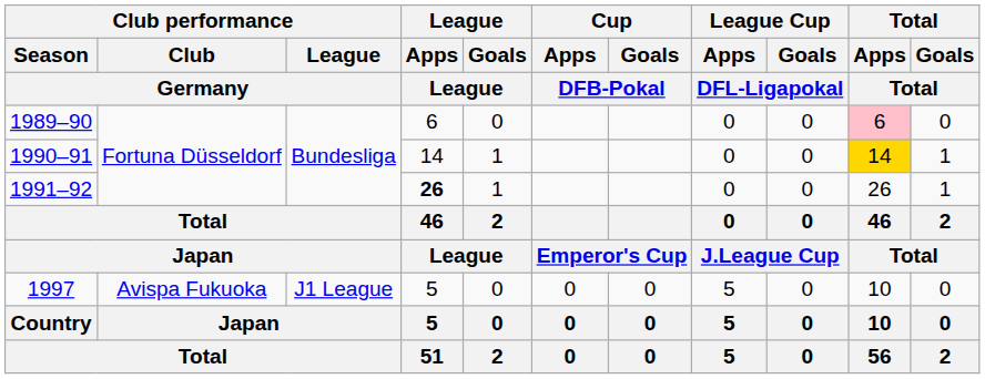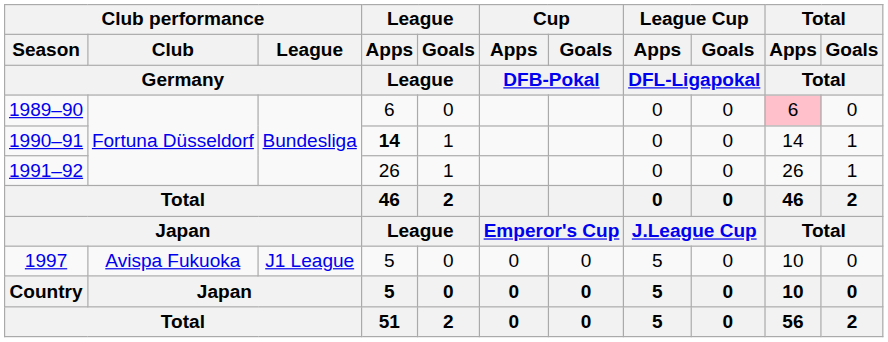 <table class="wikitable" style="text-align:center;">
 <tr>
 <th colspan=3>Club performance</th>
 <th colspan=2>League</th>
 <th colspan=2>Cup</th>
 <th colspan=2>League Cup</th>
 <th colspan=2>Total</th>
 </tr>
 <tr>
 <th>Season</th>
 <th>Club</th>
 <th>League</th>
 <th>Apps</th>
 <th>Goals</th>
 <th>Apps</th>
 <th>Goals</th>
 <th>Apps</th>
 <th>Goals</th>
 <th>Apps</th>
 <th>Goals</th>
 </tr>
 <tr>
 <th colspan=3>Germany</th>
 <th colspan=2>League</th>
 <th colspan=2><a href='#'>DFB-Pokal</a></th>
 <th colspan=2><a href='#'>DFL-Ligapokal</a></th>
 <th colspan=2>Total</th>
 </tr>
 <tr>
 <td><a href='#'>1989–90</a></td>
 <td rowspan=3><a href='#'>Fortuna Düsseldorf</a></td>
 <td rowspan=3><a href='#'>Bundesliga</a></td>
 <td>6</td>
 <td>0</td>
 <td></td>
 <td></td>
 <td>0</td>
 <td>0</td>
 <td style="background: pink;">6</td>
 <td>0</td>
 </tr>
 <tr>
 <td><a href='#'>1990–91</a></td>
-<td>14</td>
+<td><strong>14</strong></td>
 <td>1</td>
 <td></td>
 <td></td>
 <td>0</td>
 <td>0</td>
-<td style="background: gold;">14</td>
+<td>14</td>
 <td>1</td>
 </tr>
 <tr>
 <td><a href='#'>1991–92</a></td>
-<td><strong>26</strong></td>
+<td>26</td>
 <td>1</td>
 <td></td>
 <td></td>
 <td>0</td>
 <td>0</td>
 <td>26</td>
 <td>1</td>
 </tr>
 <tr>
 <th colspan=3>Total</th>
 <th>46</th>
 <th>2</th>
 <th></th>
 <th></th>
 <th>0</th>
 <th>0</th>
 <th>46</th>
 <th>2</th>
 </tr>
 <tr>
 <th colspan=3>Japan</th>
 <th colspan=2>League</th>
 <th colspan=2><a href='#'>Emperor's Cup</a></th>
 <th colspan=2><a href='#'>J.League Cup</a></th>
 <th colspan=2>Total</th>
 </tr>
 <tr>
 <td><a href='#'>1997</a></td>
 <td><a href='#'>Avispa Fukuoka</a></td>
 <td><a href='#'>J1 League</a></td>
 <td>5</td>
 <td>0</td>
 <td>0</td>
 <td>0</td>
 <td>5</td>
 <td>0</td>
 <td>10</td>
 <td>0</td>
 </tr>
 <tr>
 <th rowspan=1>Country</th>
 <th colspan=2>Japan</th>
 <th>5</th>
 <th>0</th>
 <th>0</th>
 <th>0</th>
 <th>5</th>
 <th>0</th>
 <th>10</th>
 <th>0</th>
 </tr>
 <tr>
 <th colspan=3>Total</th>
 <th>51</th>
 <th>2</th>
 <th>0</th>
 <th>0</th>
 <th>5</th>
 <th>0</th>
 <th>56</th>
 <th>2</th>
 </tr>
 </table>
